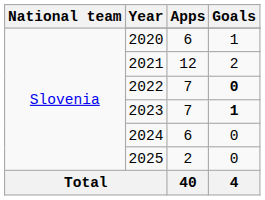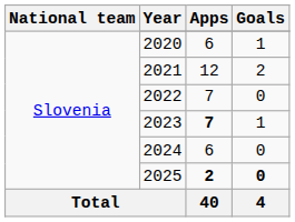 <table class=wikitable style=text-align:center>
 <tr>
 <th>National team</th>
 <th>Year</th>
 <th>Apps</th>
 <th>Goals</th>
 </tr>
 <tr>
 <td rowspan=7><a href='#'>Slovenia</a></td>
 </tr>
 <tr>
 <td>2020</td>
 <td>6</td>
 <td>1</td>
 </tr>
 <tr>
 <td>2021</td>
 <td>12</td>
 <td>2</td>
 </tr>
 <tr>
 <td>2022</td>
 <td>7</td>
-<td><strong>0</strong></td>
+<td>0</td>
 </tr>
 <tr>
 <td>2023</td>
-<td>7</td>
-<td><strong>1</strong></td>
+<td><strong>7</strong></td>
+<td>1</td>
 </tr>
 <tr>
 <td>2024</td>
 <td>6</td>
 <td>0</td>
 </tr>
 <tr>
 <td>2025</td>
-<td>2</td>
-<td>0</td>
+<td><strong>2</strong></td>
+<td><strong>0</strong></td>
 </tr>
 <tr>
 <th colspan=2>Total</th>
 <th>40</th>
 <th>4</th>
 </tr>
 </table>
